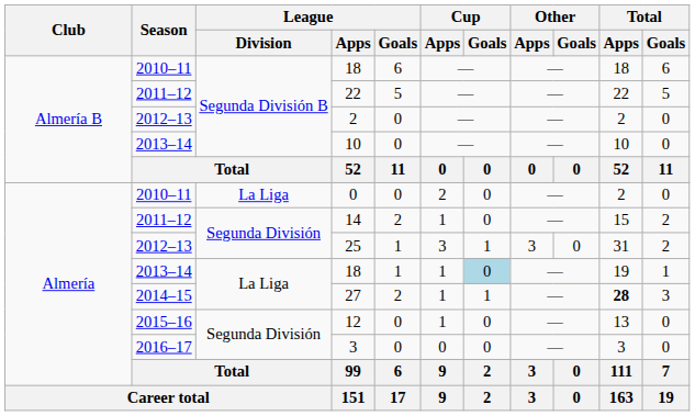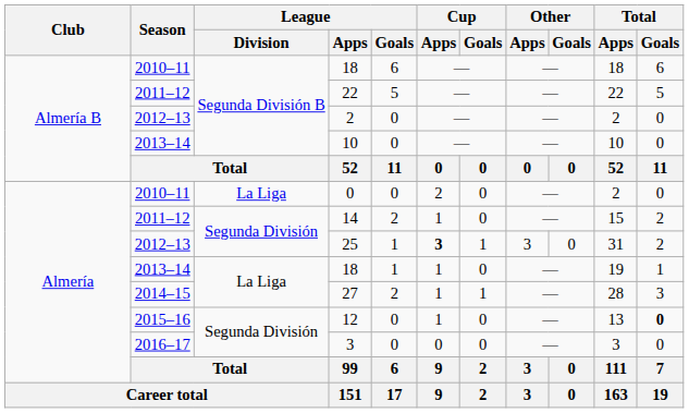 <table class="wikitable" style="text-align:center">
 <tr>
 <th rowspan="2" width=120>Club</th>
 <th rowspan="2">Season</th>
 <th colspan="3">League</th>
 <th colspan="2">Cup</th>
 <th colspan="2">Other</th>
 <th colspan="2">Total</th>
 </tr>
 <tr>
 <th>Division</th>
 <th>Apps</th>
 <th>Goals</th>
 <th>Apps</th>
 <th>Goals</th>
 <th>Apps</th>
 <th>Goals</th>
 <th>Apps</th>
 <th>Goals</th>
 </tr>
 <tr>
 <td rowspan="5"><a href='#'>Almería B</a></td>
 <td><a href='#'>2010–11</a></td>
 <td rowspan="4"><a href='#'>Segunda División B</a></td>
 <td>18</td>
 <td>6</td>
 <td colspan="2">—</td>
 <td colspan="2">—</td>
 <td>18</td>
 <td>6</td>
 </tr>
 <tr>
 <td><a href='#'>2011–12</a></td>
 <td>22</td>
 <td>5</td>
 <td colspan="2">—</td>
 <td colspan="2">—</td>
 <td>22</td>
 <td>5</td>
 </tr>
 <tr>
 <td><a href='#'>2012–13</a></td>
 <td>2</td>
 <td>0</td>
 <td colspan="2">—</td>
 <td colspan="2">—</td>
 <td>2</td>
 <td>0</td>
 </tr>
 <tr>
 <td><a href='#'>2013–14</a></td>
 <td>10</td>
 <td>0</td>
 <td colspan="2">—</td>
 <td colspan="2">—</td>
 <td>10</td>
 <td>0</td>
 </tr>
 <tr>
 <th colspan="2">Total</th>
 <th>52</th>
 <th>11</th>
 <th>0</th>
 <th>0</th>
 <th>0</th>
 <th>0</th>
 <th>52</th>
 <th>11</th>
 </tr>
 <tr>
 <td rowspan="8"><a href='#'>Almería</a></td>
 <td><a href='#'>2010–11</a></td>
 <td><a href='#'>La Liga</a></td>
 <td>0</td>
 <td>0</td>
 <td>2</td>
 <td>0</td>
 <td colspan="2">—</td>
 <td>2</td>
 <td>0</td>
 </tr>
 <tr>
 <td><a href='#'>2011–12</a></td>
 <td rowspan="2"><a href='#'>Segunda División</a></td>
 <td>14</td>
 <td>2</td>
 <td>1</td>
 <td>0</td>
 <td colspan="2">—</td>
 <td>15</td>
 <td>2</td>
 </tr>
 <tr>
 <td><a href='#'>2012–13</a></td>
 <td>25</td>
 <td>1</td>
-<td>3</td>
+<td><strong>3</strong></td>
 <td>1</td>
 <td>3</td>
 <td>0</td>
 <td>31</td>
 <td>2</td>
 </tr>
 <tr>
 <td><a href='#'>2013–14</a></td>
 <td rowspan="2">La Liga</td>
 <td>18</td>
 <td>1</td>
 <td>1</td>
-<td style="background: lightblue;">0</td>
+<td>0</td>
 <td colspan="2">—</td>
 <td>19</td>
 <td>1</td>
 </tr>
 <tr>
 <td><a href='#'>2014–15</a></td>
 <td>27</td>
 <td>2</td>
 <td>1</td>
 <td>1</td>
 <td colspan="2">—</td>
-<td><strong>28</strong></td>
+<td>28</td>
 <td>3</td>
 </tr>
 <tr>
 <td><a href='#'>2015–16</a></td>
 <td rowspan="2">Segunda División</td>
 <td>12</td>
 <td>0</td>
 <td>1</td>
 <td>0</td>
 <td colspan="2">—</td>
 <td>13</td>
-<td>0</td>
+<td><strong>0</strong></td>
 </tr>
 <tr>
 <td><a href='#'>2016–17</a></td>
 <td>3</td>
 <td>0</td>
 <td>0</td>
 <td>0</td>
 <td colspan="2">—</td>
 <td>3</td>
 <td>0</td>
 </tr>
 <tr>
 <th colspan="2">Total</th>
 <th>99</th>
 <th>6</th>
 <th>9</th>
 <th>2</th>
 <th>3</th>
 <th>0</th>
 <th>111</th>
 <th>7</th>
 </tr>
 <tr>
 <th colspan="3">Career total</th>
 <th>151</th>
 <th>17</th>
 <th>9</th>
 <th>2</th>
 <th>3</th>
 <th>0</th>
 <th>163</th>
 <th>19</th>
 </tr>
 </table>
